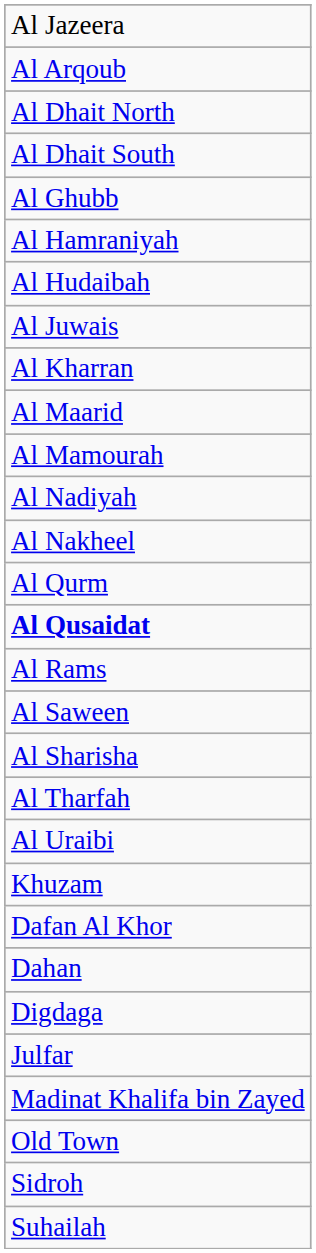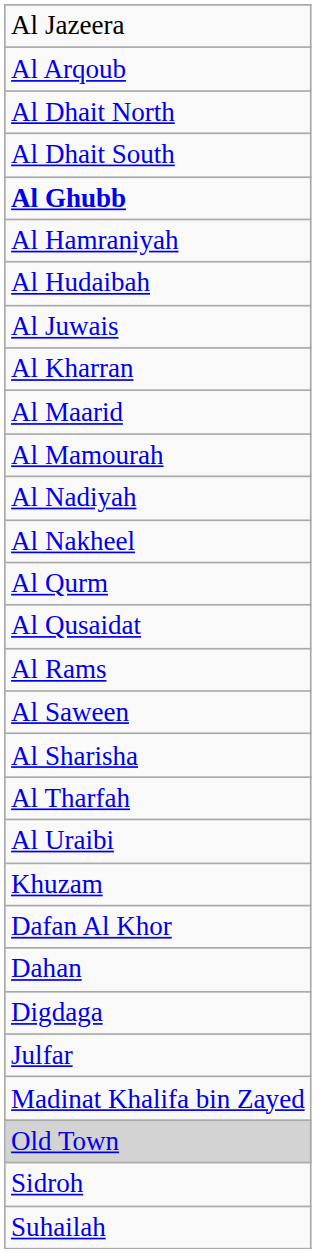 <table class="wikitable sortable">
 <tr>
 <td>Al Jazeera</td>
 </tr>
 <tr>
 <td><a href='#'>Al Arqoub</a></td>
 </tr>
 <tr>
 <td><a href='#'>Al Dhait North</a></td>
 </tr>
 <tr>
 <td><a href='#'>Al Dhait South</a></td>
 </tr>
 <tr>
-<td><a href='#'>Al Ghubb</a></td>
+<td><strong><a href='#'>Al Ghubb</a></strong></td>
 </tr>
 <tr>
 <td><a href='#'>Al Hamraniyah</a></td>
 </tr>
 <tr>
 <td><a href='#'>Al Hudaibah</a></td>
 </tr>
 <tr>
 <td><a href='#'>Al Juwais</a></td>
 </tr>
 <tr>
 <td><a href='#'>Al Kharran</a></td>
 </tr>
 <tr>
 <td><a href='#'>Al Maarid</a></td>
 </tr>
 <tr>
 <td><a href='#'>Al Mamourah</a></td>
 </tr>
 <tr>
 <td><a href='#'>Al Nadiyah</a></td>
 </tr>
 <tr>
 <td><a href='#'>Al Nakheel</a></td>
 </tr>
 <tr>
 <td><a href='#'>Al Qurm</a></td>
 </tr>
 <tr>
-<td><strong><a href='#'>Al Qusaidat</a></strong></td>
+<td><a href='#'>Al Qusaidat</a></td>
 </tr>
 <tr>
 <td><a href='#'>Al Rams</a></td>
 </tr>
 <tr>
 <td><a href='#'>Al Saween</a></td>
 </tr>
 <tr>
 <td><a href='#'>Al Sharisha</a></td>
 </tr>
 <tr>
 <td><a href='#'>Al Tharfah</a></td>
 </tr>
 <tr>
 <td><a href='#'>Al Uraibi</a></td>
 </tr>
 <tr>
 <td><a href='#'>Khuzam</a></td>
 </tr>
 <tr>
 <td><a href='#'>Dafan Al Khor</a></td>
 </tr>
 <tr>
 <td><a href='#'>Dahan</a></td>
 </tr>
 <tr>
 <td><a href='#'>Digdaga</a></td>
 </tr>
 <tr>
 <td><a href='#'>Julfar</a></td>
 </tr>
 <tr>
 <td><a href='#'>Madinat Khalifa bin Zayed</a></td>
 </tr>
 <tr>
-<td><a href='#'>Old Town</a></td>
+<td style="background: lightgrey;"><a href='#'>Old Town</a></td>
 </tr>
 <tr>
 <td><a href='#'>Sidroh</a></td>
 </tr>
 <tr>
 <td><a href='#'>Suhailah</a></td>
 </tr>
 </table>
